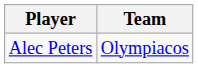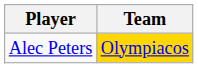 <table class="wikitable">
 <tr>
 <th>Player</th>
 <th>Team</th>
 </tr>
 <tr>
 <td> <a href='#'>Alec Peters</a></td>
-<td><a href='#'>Olympiacos</a></td>
+<td style="background: gold;"><a href='#'>Olympiacos</a></td>
 </tr>
 </table>
